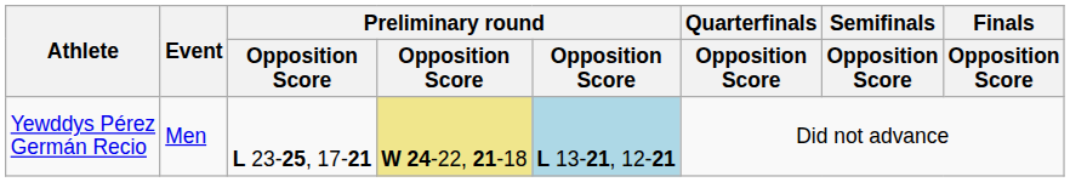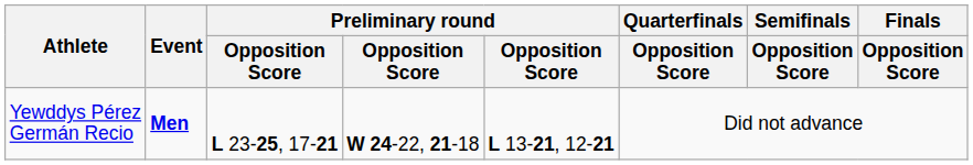 <table class="wikitable" border="1" style="font-size:90%">
 <tr>
 <th rowspan=2>Athlete</th>
 <th rowspan=2>Event</th>
 <th colspan=3>Preliminary round</th>
 <th>Quarterfinals</th>
 <th>Semifinals</th>
 <th>Finals</th>
 </tr>
 <tr>
 <th>Opposition<br>Score</th>
 <th>Opposition<br>Score</th>
 <th>Opposition<br>Score</th>
 <th>Opposition<br>Score</th>
 <th>Opposition<br>Score</th>
 <th>Opposition<br>Score</th>
 </tr>
 <tr>
 <td><a href='#'>Yewddys Pérez</a><br><a href='#'>Germán Recio</a></td>
-<td><a href='#'>Men</a></td>
+<td><strong><a href='#'>Men</a></strong></td>
 <td align="center"><br><br><strong>L</strong> 23-<strong>25</strong>, 17-<strong>21</strong></td>
-<td align="center" style="background: khaki;"><br><br><strong>W</strong> <strong>24</strong>-22, <strong>21</strong>-18</td>
-<td align="center" style="background: lightblue;"><br><br><strong>L</strong> 13-<strong>21</strong>, 12-<strong>21</strong></td>
+<td align="center"><br><br><strong>W</strong> <strong>24</strong>-22, <strong>21</strong>-18</td>
+<td align="center"><br><br><strong>L</strong> 13-<strong>21</strong>, 12-<strong>21</strong></td>
 <td align="center" colspan="7">Did not advance</td>
 </tr>
 </table>
